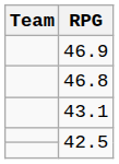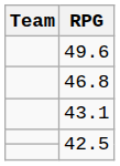 <table class=wikitable>
 <tr>
 <th>Team</th>
 <th>RPG</th>
 </tr>
 <tr>
 <td></td>
-<td align=center>46.9</td>
+<td align=center>49.6</td>
 </tr>
 <tr>
 <td></td>
 <td align=center>46.8</td>
 </tr>
 <tr>
 <td></td>
 <td align=center>43.1</td>
 </tr>
 <tr>
 <td></td>
 <td align=center rowspan=2>42.5</td>
 </tr>
 <tr>
 <td></td>
 </tr>
 </table>
